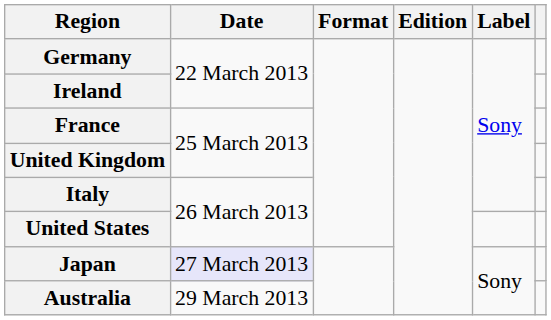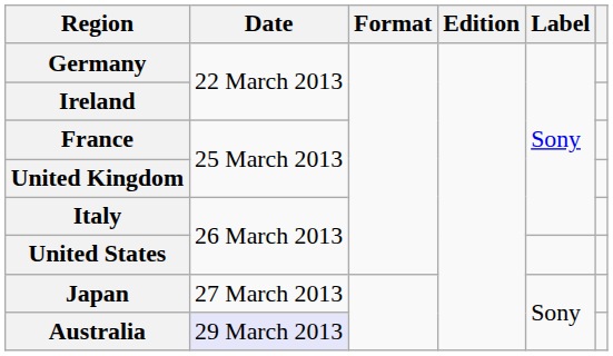 <table class="wikitable plainrowheaders">
 <tr>
 <th scope="col">Region</th>
 <th scope="col">Date</th>
 <th scope="col">Format</th>
 <th scope="col">Edition</th>
 <th scope="col">Label</th>
 <th scope="col"></th>
 </tr>
 <tr>
 <th scope="row">Germany</th>
 <td rowspan="2">22 March 2013</td>
 <td rowspan="6"></td>
 <td rowspan="8"></td>
 <td rowspan="5"><a href='#'>Sony</a></td>
 <td align="center"></td>
 </tr>
 <tr>
 <th scope="row">Ireland</th>
 <td align="center"></td>
 </tr>
 <tr>
 <th scope="row">France</th>
 <td rowspan="2">25 March 2013</td>
 <td align="center"></td>
 </tr>
 <tr>
 <th scope="row">United Kingdom</th>
 <td align="center"></td>
 </tr>
 <tr>
 <th scope="row">Italy</th>
 <td rowspan="2">26 March 2013</td>
 <td align="center"></td>
 </tr>
 <tr>
 <th scope="row">United States</th>
 <td></td>
 <td align="center"></td>
 </tr>
 <tr>
 <th scope="row">Japan</th>
-<td style="background: lavender;">27 March 2013</td>
+<td>27 March 2013</td>
 <td rowspan="2"></td>
 <td rowspan="2">Sony</td>
 <td align="center"></td>
 </tr>
 <tr>
 <th scope="row">Australia</th>
-<td>29 March 2013</td>
+<td style="background: lavender;">29 March 2013</td>
 <td align="center"></td>
 </tr>
 </table>
